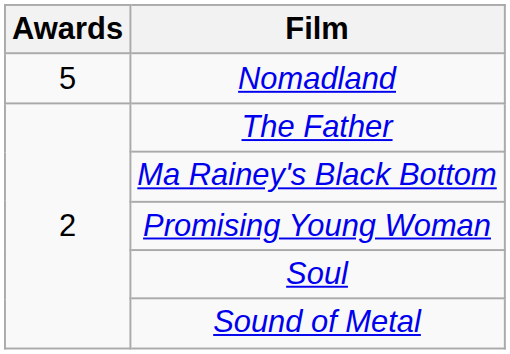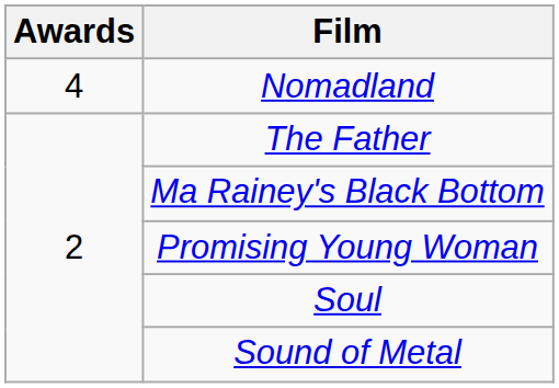 <table class="wikitable" style="text-align:center;">
 <tr>
 <th style="background:">Awards</th>
 <th style="background:">Film</th>
 </tr>
 <tr>
-<td>5</td>
+<td>4</td>
 <td><em><a href='#'>Nomadland</a></em></td>
 </tr>
 <tr>
 <td rowspan="5">2</td>
 <td><em><a href='#'>The Father</a></em></td>
 </tr>
 <tr>
 <td><em><a href='#'>Ma Rainey's Black Bottom</a></em></td>
 </tr>
 <tr>
 <td><em><a href='#'>Promising Young Woman</a></em></td>
 </tr>
 <tr>
 <td><em><a href='#'>Soul</a></em></td>
 </tr>
 <tr>
 <td><em><a href='#'>Sound of Metal</a></em></td>
 </tr>
 </table>
